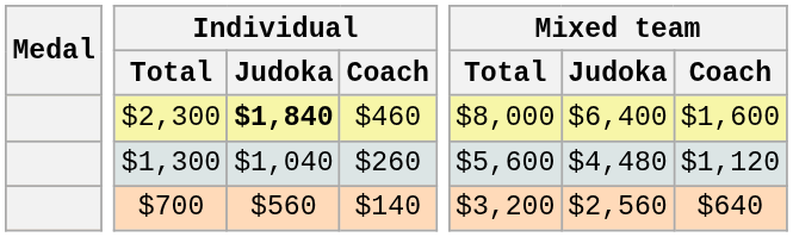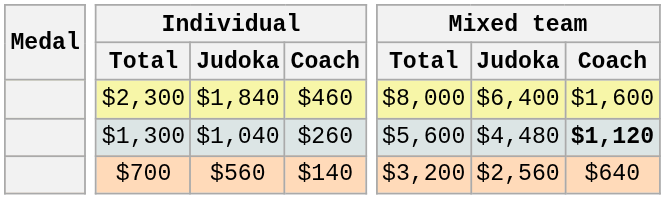 <table class=wikitable style="border: none; background: none; text-align:center;">
 <tr>
 <th rowspan=2>Medal</th>
 <td rowspan=5 style="width:1; border: none; background: none;"></td>
 <th colspan=3>Individual</th>
 <td rowspan=5 style="width:1; border: none; background: none;"></td>
 <th colspan=3>Mixed team</th>
 </tr>
 <tr>
 <th>Total</th>
 <th>Judoka</th>
 <th>Coach</th>
 <th>Total</th>
 <th>Judoka</th>
 <th>Coach</th>
 </tr>
 <tr bgcolor=F7F6A8>
 <th></th>
 <td>$2,300</td>
-<td><strong>$1,840</strong></td>
+<td>$1,840</td>
 <td>$460</td>
 <td>$8,000</td>
 <td>$6,400</td>
 <td>$1,600</td>
 </tr>
 <tr bgcolor=DCE5E5>
 <th></th>
 <td>$1,300</td>
 <td>$1,040</td>
 <td>$260</td>
 <td>$5,600</td>
 <td>$4,480</td>
-<td>$1,120</td>
+<td><strong>$1,120</strong></td>
 </tr>
 <tr bgcolor=FFDAB9>
 <th></th>
 <td>$700</td>
 <td>$560</td>
 <td>$140</td>
 <td>$3,200</td>
 <td>$2,560</td>
 <td>$640</td>
 </tr>
 </table>
